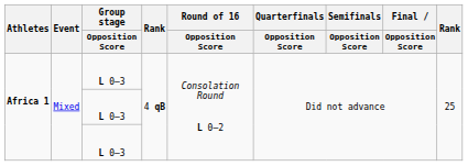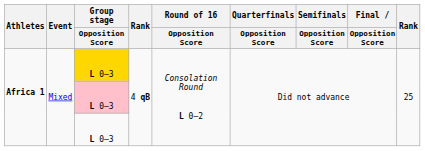 <table class=wikitable style="font-size:90%">
 <tr>
 <th rowspan="2">Athletes</th>
 <th rowspan="2">Event</th>
 <th>Group stage</th>
 <th rowspan="2">Rank</th>
 <th>Round of 16</th>
 <th>Quarterfinals</th>
 <th>Semifinals</th>
 <th>Final / </th>
 <th rowspan=2>Rank</th>
 </tr>
 <tr style="font-size:95%">
 <th>Opposition<br>Score</th>
 <th>Opposition<br>Score</th>
 <th>Opposition<br>Score</th>
 <th>Opposition<br>Score</th>
 <th>Opposition<br>Score</th>
 </tr>
 <tr align=center>
 <td align=left rowspan=3><strong>Africa 1</strong><br><br></td>
 <td align=left rowspan=3><a href='#'>Mixed</a></td>
-<td><br><br><strong>L</strong> 0–3</td>
+<td style="background: gold;"><br><br><strong>L</strong> 0–3</td>
 <td rowspan=3>4 <strong>qB</strong></td>
 <td rowspan=3><em>Consolation Round</em><br><br><br><strong>L</strong> 0–2</td>
 <td rowspan=3 colspan=3>Did not advance</td>
 <td rowspan=3>25</td>
 </tr>
 <tr align=center>
-<td><br><br><strong>L</strong> 0–3</td>
+<td style="background: pink;"><br><br><strong>L</strong> 0–3</td>
 </tr>
 <tr align=center>
 <td><br><br><strong>L</strong> 0–3</td>
 </tr>
 </table>
